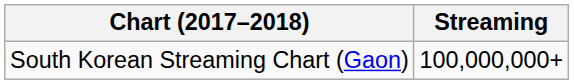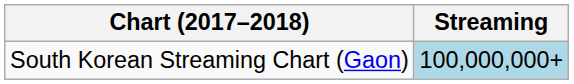 <table class="wikitable plainrowheaders" style="text-align:center;">
 <tr>
 <th>Chart (2017–2018)</th>
 <th>Streaming</th>
 </tr>
 <tr>
 <td>South Korean Streaming Chart (<a href='#'>Gaon</a>)</td>
-<td>100,000,000+</td>
+<td style="background: lightblue;">100,000,000+</td>
 </tr>
 </table>
